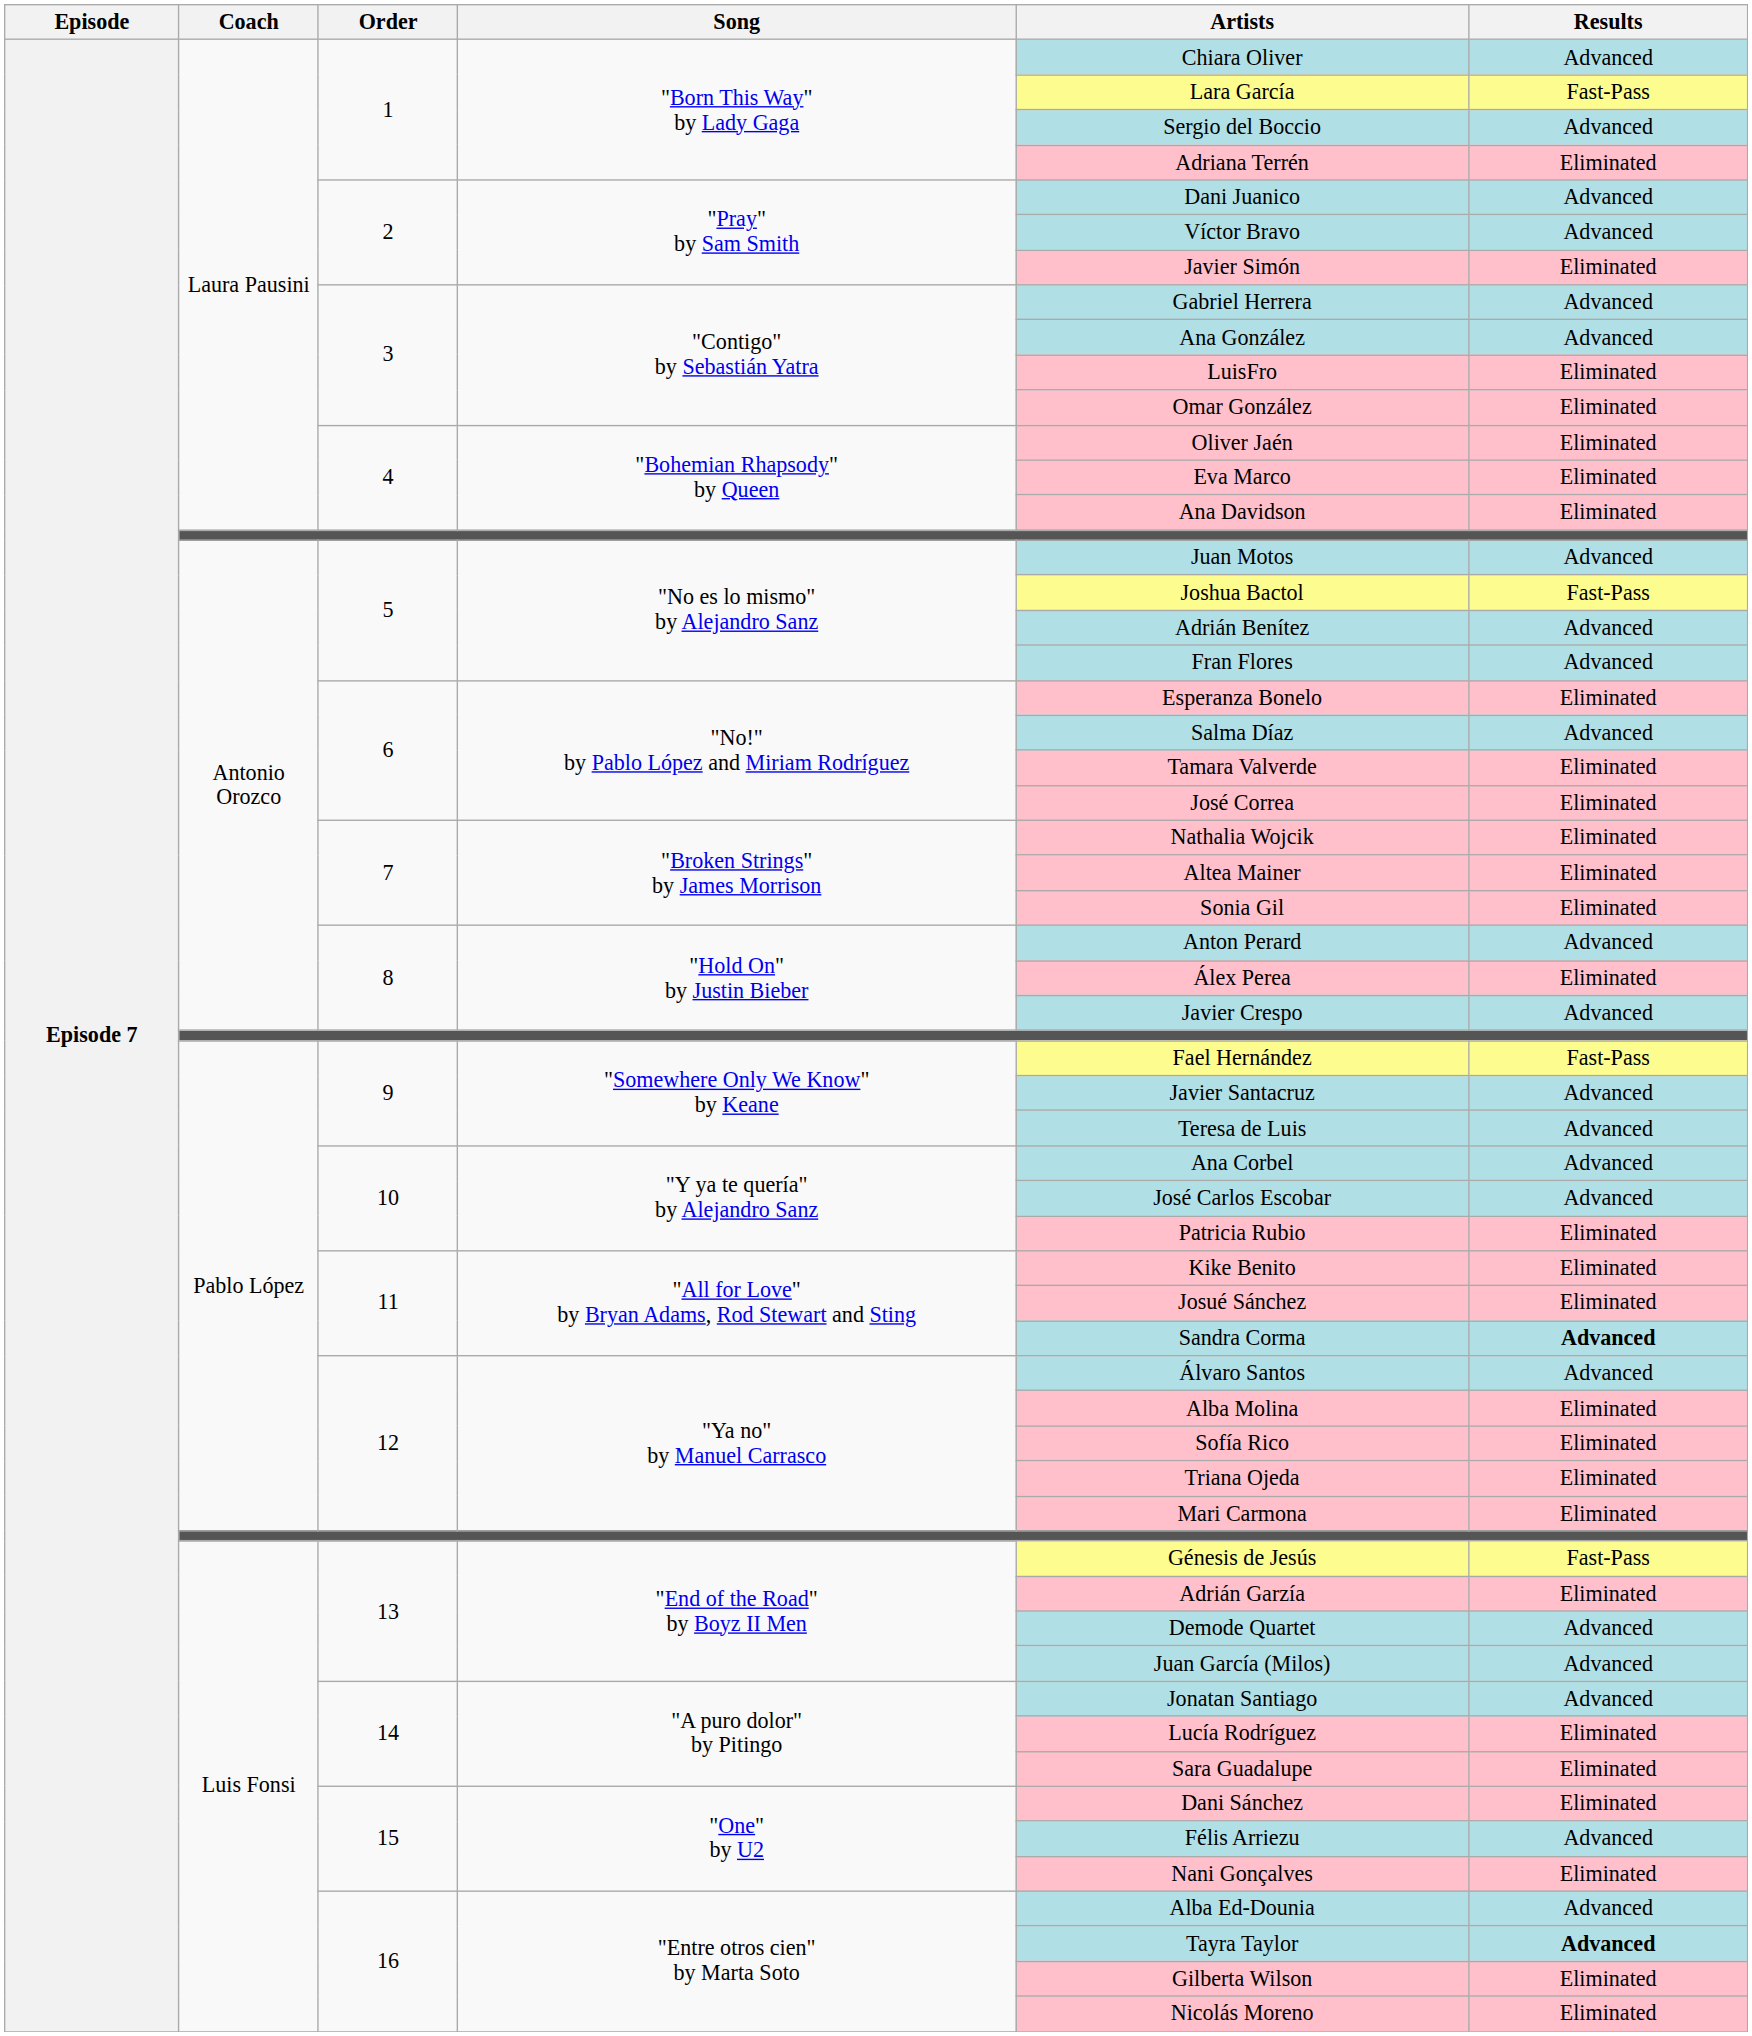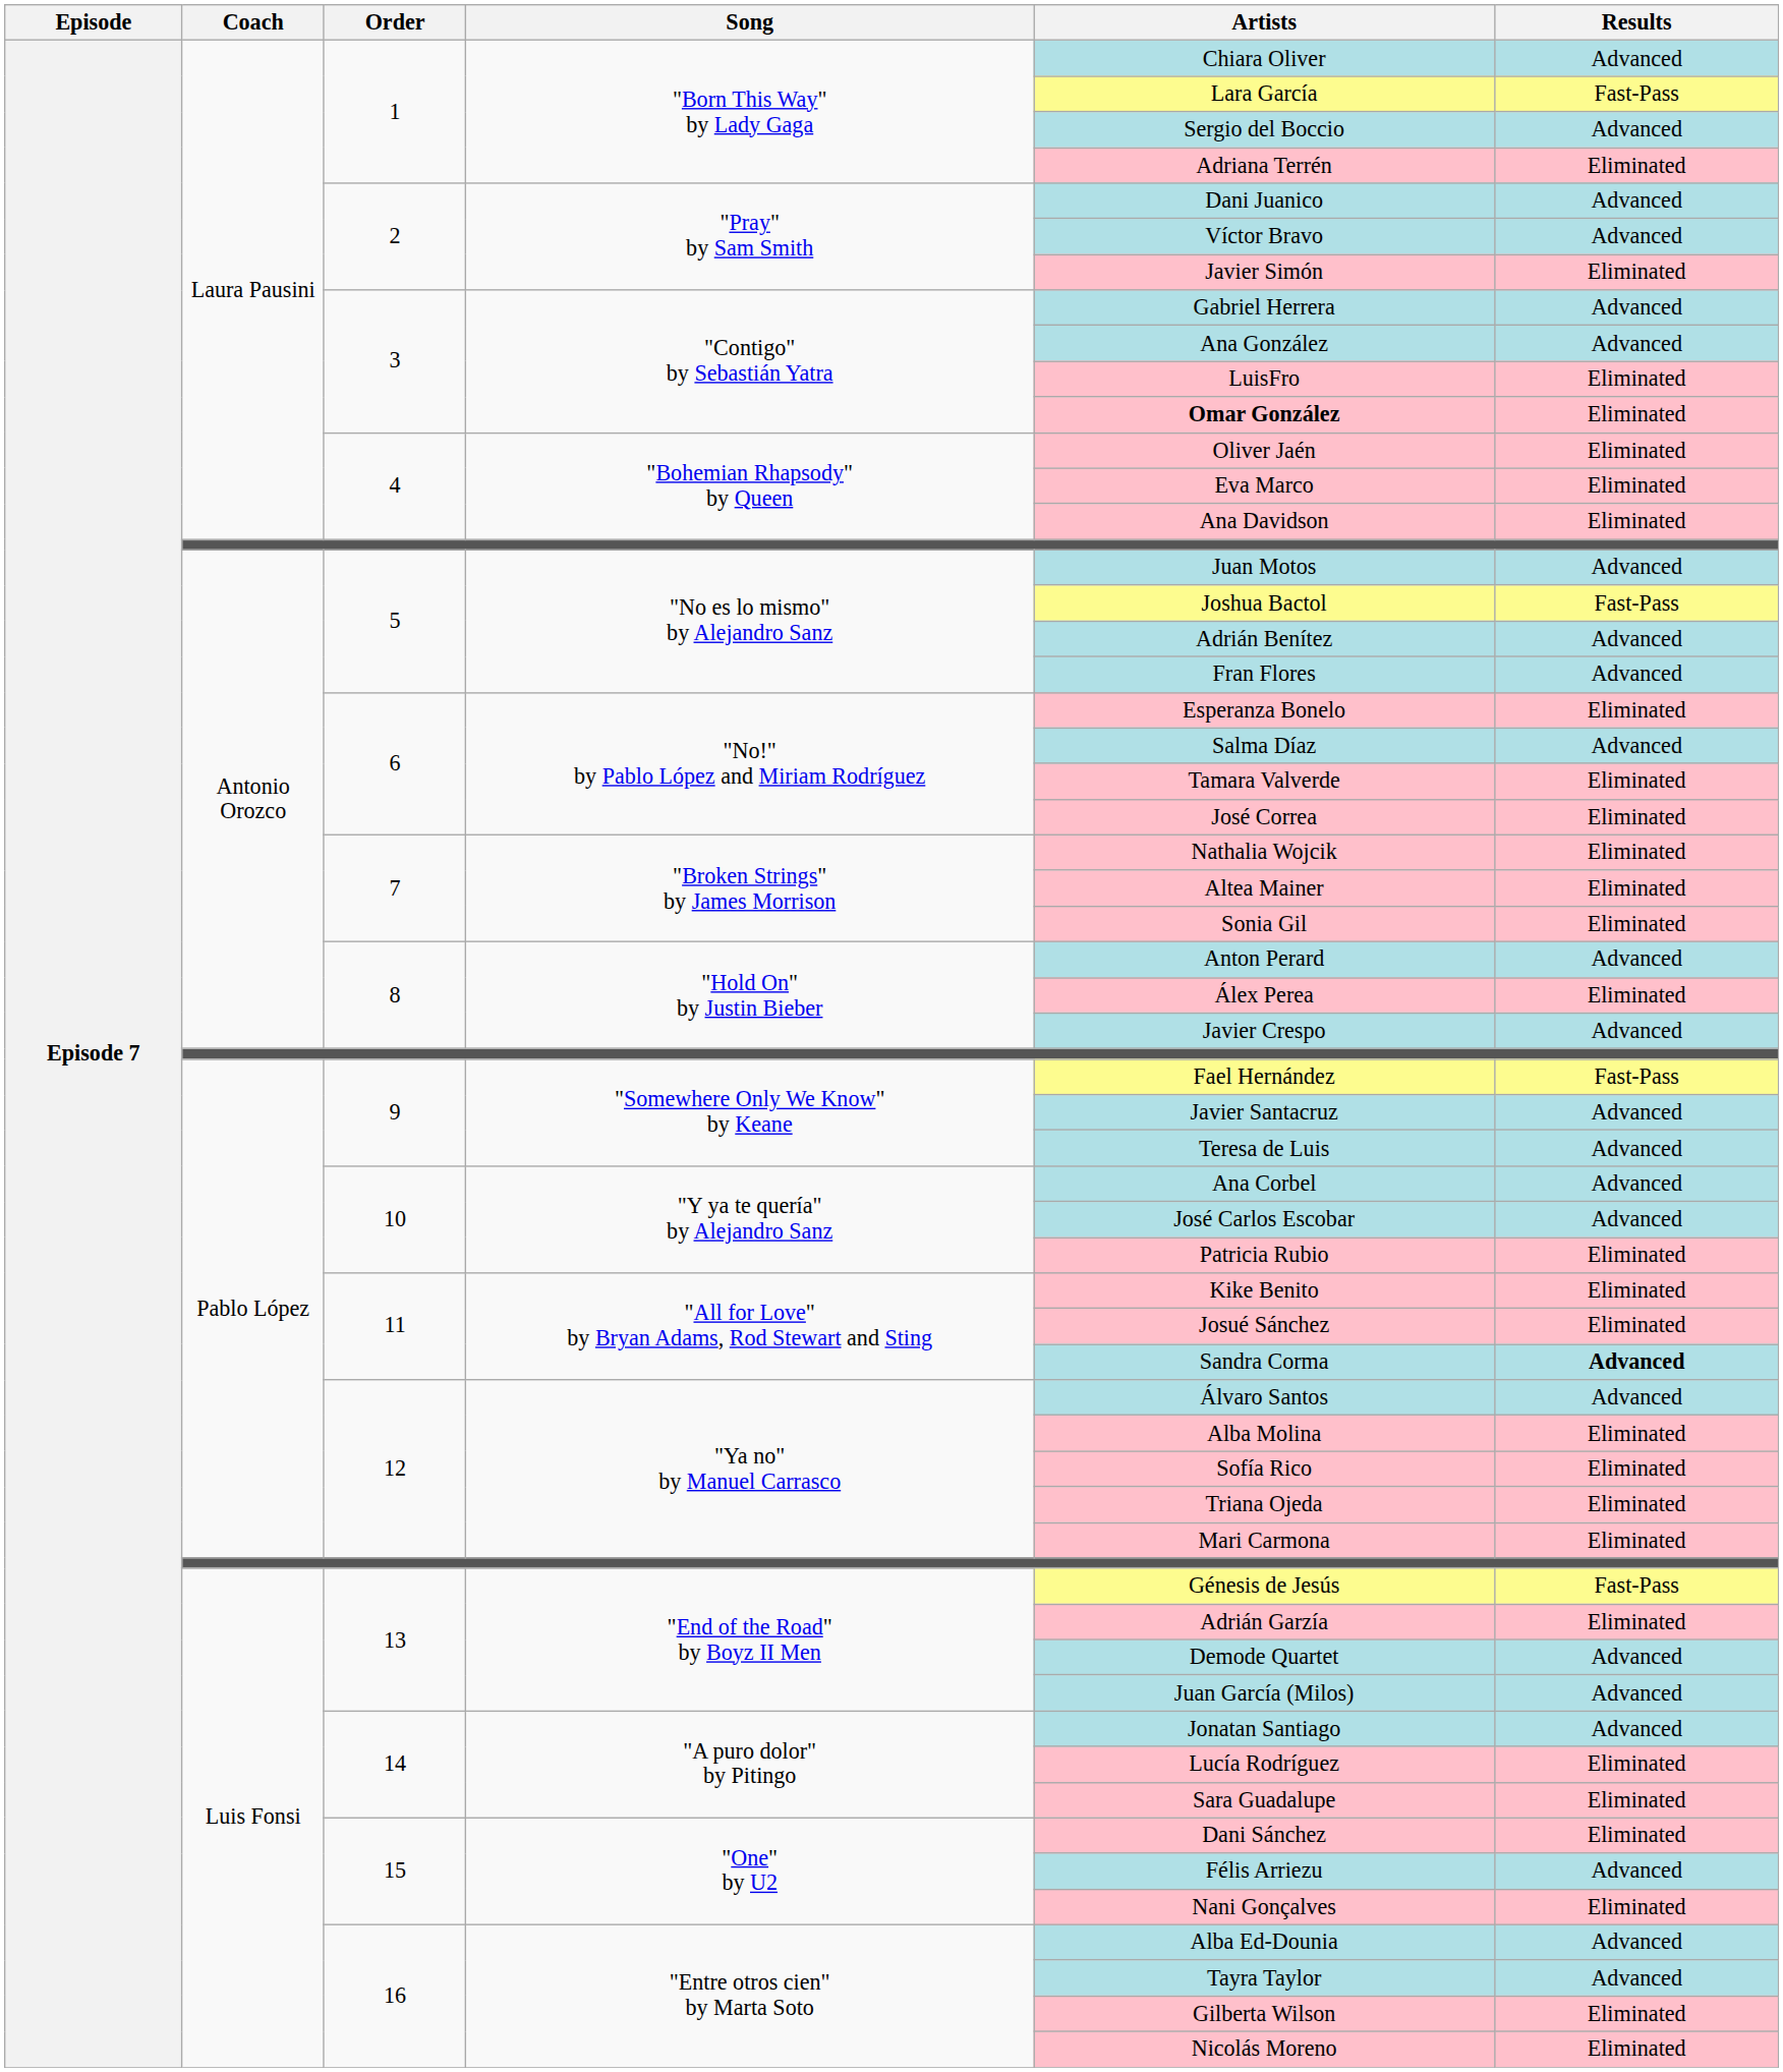 <table class="wikitable" style="text-align: center; width:100%">
 <tr>
 <th style="width:10%">Episode</th>
 <th style="width:08%">Coach</th>
 <th style="width:08%">Order</th>
 <th style="width:32%">Song</th>
 <th style="width:26%">Artists</th>
 <th style="width:16%">Results</th>
 </tr>
 <tr>
 <th rowspan="59">Episode 7<br></th>
 <td rowspan="14">Laura Pausini</td>
 <td rowspan="4">1</td>
 <td rowspan="4">"<a href='#'>Born This Way</a>"<br>by <a href='#'>Lady Gaga</a></td>
 <td style="background:#b0e0e6">Chiara Oliver</td>
 <td style="background:#b0e0e6">Advanced</td>
 </tr>
 <tr>
 <td style="background:#fdfc8f">Lara García</td>
 <td style="background:#fdfc8f">Fast-Pass</td>
 </tr>
 <tr>
 <td style="background:#b0e0e6">Sergio del Boccio</td>
 <td style="background:#b0e0e6">Advanced</td>
 </tr>
 <tr>
 <td style="background: pink">Adriana Terrén</td>
 <td style="background: pink">Eliminated</td>
 </tr>
 <tr>
 <td rowspan="3">2</td>
 <td rowspan="3">"<a href='#'>Pray</a>"<br>by <a href='#'>Sam Smith</a></td>
 <td style="background:#b0e0e6">Dani Juanico</td>
 <td style="background:#b0e0e6">Advanced</td>
 </tr>
 <tr>
 <td style="background:#b0e0e6">Víctor Bravo</td>
 <td style="background:#b0e0e6">Advanced</td>
 </tr>
 <tr>
 <td style="background: pink">Javier Simón</td>
 <td style="background: pink">Eliminated</td>
 </tr>
 <tr>
 <td rowspan="4">3</td>
 <td rowspan="4">"Contigo"<br>by <a href='#'>Sebastián Yatra</a></td>
 <td style="background:#b0e0e6">Gabriel Herrera</td>
 <td style="background:#b0e0e6">Advanced</td>
 </tr>
 <tr>
 <td style="background:#b0e0e6">Ana González</td>
 <td style="background:#b0e0e6">Advanced</td>
 </tr>
 <tr>
 <td style="background: pink">LuisFro</td>
 <td style="background: pink">Eliminated</td>
 </tr>
 <tr>
-<td style="background: pink">Omar González</td>
+<td style="background: pink"><strong>Omar González</strong></td>
 <td style="background: pink">Eliminated</td>
 </tr>
 <tr>
 <td rowspan="3">4</td>
 <td rowspan="3">"<a href='#'>Bohemian Rhapsody</a>"<br>by <a href='#'>Queen</a></td>
 <td style="background: pink">Oliver Jaén</td>
 <td style="background: pink">Eliminated</td>
 </tr>
 <tr>
 <td style="background: pink">Eva Marco</td>
 <td style="background: pink">Eliminated</td>
 </tr>
 <tr>
 <td style="background: pink">Ana Davidson</td>
 <td style="background: pink">Eliminated</td>
 </tr>
 <tr>
 <td colspan="5" style="background:#555"></td>
 </tr>
 <tr>
 <td rowspan="14">Antonio Orozco</td>
 <td rowspan="4">5</td>
 <td rowspan="4">"No es lo mismo"<br>by <a href='#'>Alejandro Sanz</a></td>
 <td style="background:#b0e0e6">Juan Motos</td>
 <td style="background:#b0e0e6">Advanced</td>
 </tr>
 <tr>
 <td style="background:#fdfc8f">Joshua Bactol</td>
 <td style="background:#fdfc8f">Fast-Pass</td>
 </tr>
 <tr>
 <td style="background:#b0e0e6">Adrián Benítez</td>
 <td style="background:#b0e0e6">Advanced</td>
 </tr>
 <tr>
 <td style="background:#b0e0e6">Fran Flores</td>
 <td style="background:#b0e0e6">Advanced</td>
 </tr>
 <tr>
 <td rowspan="4">6</td>
 <td rowspan="4">"No!"<br>by <a href='#'>Pablo López</a> and <a href='#'>Miriam Rodríguez</a></td>
 <td style="background: pink">Esperanza Bonelo</td>
 <td style="background: pink">Eliminated</td>
 </tr>
 <tr>
 <td style="background:#b0e0e6">Salma Díaz</td>
 <td style="background:#b0e0e6">Advanced</td>
 </tr>
 <tr>
 <td style="background: pink">Tamara Valverde</td>
 <td style="background: pink">Eliminated</td>
 </tr>
 <tr>
 <td style="background: pink">José Correa</td>
 <td style="background: pink">Eliminated</td>
 </tr>
 <tr>
 <td rowspan="3">7</td>
 <td rowspan="3">"<a href='#'>Broken Strings</a>"<br>by <a href='#'>James Morrison</a></td>
 <td style="background: pink">Nathalia Wojcik</td>
 <td style="background: pink">Eliminated</td>
 </tr>
 <tr>
 <td style="background: pink">Altea Mainer</td>
 <td style="background: pink">Eliminated</td>
 </tr>
 <tr>
 <td style="background: pink">Sonia Gil</td>
 <td style="background: pink">Eliminated</td>
 </tr>
 <tr>
 <td rowspan="3">8</td>
 <td rowspan="3">"<a href='#'>Hold On</a>"<br>by <a href='#'>Justin Bieber</a></td>
 <td style="background:#b0e0e6">Anton Perard</td>
 <td style="background:#b0e0e6">Advanced</td>
 </tr>
 <tr>
 <td style="background: pink">Álex Perea</td>
 <td style="background: pink">Eliminated</td>
 </tr>
 <tr>
 <td style="background:#b0e0e6">Javier Crespo</td>
 <td style="background:#b0e0e6">Advanced</td>
 </tr>
 <tr>
 <td colspan="5" style="background:#555"></td>
 </tr>
 <tr>
 <td rowspan="14">Pablo López</td>
 <td rowspan="3">9</td>
 <td rowspan="3">"<a href='#'>Somewhere Only We Know</a>"<br>by <a href='#'>Keane</a></td>
 <td style="background:#fdfc8f">Fael Hernández</td>
 <td style="background:#fdfc8f">Fast-Pass</td>
 </tr>
 <tr>
 <td style="background:#b0e0e6">Javier Santacruz</td>
 <td style="background:#b0e0e6">Advanced</td>
 </tr>
 <tr>
 <td style="background:#b0e0e6">Teresa de Luis</td>
 <td style="background:#b0e0e6">Advanced</td>
 </tr>
 <tr>
 <td rowspan="3">10</td>
 <td rowspan="3">"Y ya te quería"<br>by <a href='#'>Alejandro Sanz</a></td>
 <td style="background:#b0e0e6">Ana Corbel</td>
 <td style="background:#b0e0e6">Advanced</td>
 </tr>
 <tr>
 <td style="background:#b0e0e6">José Carlos Escobar</td>
 <td style="background:#b0e0e6">Advanced</td>
 </tr>
 <tr>
 <td style="background: pink">Patricia Rubio</td>
 <td style="background: pink">Eliminated</td>
 </tr>
 <tr>
 <td rowspan="3">11</td>
 <td rowspan="3">"<a href='#'>All for Love</a>"<br>by <a href='#'>Bryan Adams</a>, <a href='#'>Rod Stewart</a> and <a href='#'>Sting</a></td>
 <td style="background: pink">Kike Benito</td>
 <td style="background: pink">Eliminated</td>
 </tr>
 <tr>
 <td style="background: pink">Josué Sánchez</td>
 <td style="background: pink">Eliminated</td>
 </tr>
 <tr>
 <td style="background:#b0e0e6">Sandra Corma</td>
 <td style="background:#b0e0e6"><strong>Advanced</strong></td>
 </tr>
 <tr>
 <td rowspan="5">12</td>
 <td rowspan="5">"Ya no"<br>by <a href='#'>Manuel Carrasco</a></td>
 <td style="background:#b0e0e6">Álvaro Santos</td>
 <td style="background:#b0e0e6">Advanced</td>
 </tr>
 <tr>
 <td style="background: pink">Alba Molina</td>
 <td style="background: pink">Eliminated</td>
 </tr>
 <tr>
 <td style="background: pink">Sofía Rico</td>
 <td style="background: pink">Eliminated</td>
 </tr>
 <tr>
 <td style="background: pink">Triana Ojeda</td>
 <td style="background: pink">Eliminated</td>
 </tr>
 <tr>
 <td style="background: pink">Mari Carmona</td>
 <td style="background: pink">Eliminated</td>
 </tr>
 <tr>
 <td colspan="5" style="background:#555"></td>
 </tr>
 <tr>
 <td rowspan="14">Luis Fonsi</td>
 <td rowspan="4">13</td>
 <td rowspan="4">"<a href='#'>End of the Road</a>"<br>by <a href='#'>Boyz II Men</a></td>
 <td style="background:#fdfc8f">Génesis de Jesús</td>
 <td style="background:#fdfc8f">Fast-Pass</td>
 </tr>
 <tr>
 <td style="background: pink">Adrián Garzía</td>
 <td style="background: pink">Eliminated</td>
 </tr>
 <tr>
 <td style="background:#b0e0e6">Demode Quartet</td>
 <td style="background:#b0e0e6">Advanced</td>
 </tr>
 <tr>
 <td style="background:#b0e0e6">Juan García (Milos)</td>
 <td style="background:#b0e0e6">Advanced</td>
 </tr>
 <tr>
 <td rowspan="3">14</td>
 <td rowspan="3">"A puro dolor"<br>by Pitingo</td>
 <td style="background:#b0e0e6">Jonatan Santiago</td>
 <td style="background:#b0e0e6">Advanced</td>
 </tr>
 <tr>
 <td style="background: pink">Lucía Rodríguez</td>
 <td style="background: pink">Eliminated</td>
 </tr>
 <tr>
 <td style="background: pink">Sara Guadalupe</td>
 <td style="background: pink">Eliminated</td>
 </tr>
 <tr>
 <td rowspan="3">15</td>
 <td rowspan="3">"<a href='#'>One</a>"<br>by <a href='#'>U2</a></td>
 <td style="background: pink">Dani Sánchez</td>
 <td style="background: pink">Eliminated</td>
 </tr>
 <tr>
 <td style="background:#b0e0e6">Félis Arriezu</td>
 <td style="background:#b0e0e6">Advanced</td>
 </tr>
 <tr>
 <td style="background: pink">Nani Gonçalves</td>
 <td style="background: pink">Eliminated</td>
 </tr>
 <tr>
 <td rowspan="4">16</td>
 <td rowspan="4">"Entre otros cien"<br>by Marta Soto</td>
 <td style="background:#b0e0e6">Alba Ed-Dounia</td>
 <td style="background:#b0e0e6">Advanced</td>
 </tr>
 <tr>
 <td style="background:#b0e0e6">Tayra Taylor</td>
-<td style="background:#b0e0e6"><strong>Advanced</strong></td>
+<td style="background:#b0e0e6">Advanced</td>
 </tr>
 <tr>
 <td style="background: pink">Gilberta Wilson</td>
 <td style="background: pink">Eliminated</td>
 </tr>
 <tr>
 <td style="background: pink">Nicolás Moreno</td>
 <td style="background: pink">Eliminated</td>
 </tr>
 </table>
